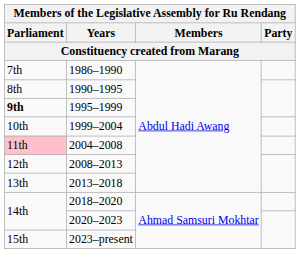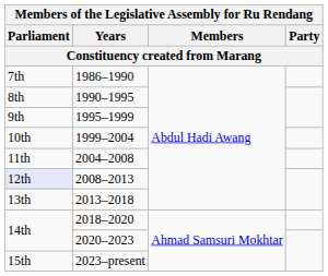 <table class="wikitable">
 <tr>
 <th colspan="4">Members of the Legislative Assembly for Ru Rendang</th>
 </tr>
 <tr>
 <th>Parliament</th>
 <th>Years</th>
 <th>Members</th>
 <th>Party</th>
 </tr>
 <tr>
 <th colspan="4">Constituency created from Marang</th>
 </tr>
 <tr>
 <td>7th</td>
 <td>1986–1990</td>
 <td rowspan="7"><a href='#'>Abdul Hadi Awang</a></td>
 <td></td>
 </tr>
 <tr>
 <td>8th</td>
 <td>1990–1995</td>
 <td rowspan=2></td>
 </tr>
 <tr>
-<td><strong>9th</strong></td>
+<td>9th</td>
 <td>1995–1999</td>
 </tr>
 <tr>
 <td>10th</td>
 <td>1999–2004</td>
 <td></td>
 </tr>
 <tr>
-<td style="background: pink;">11th</td>
+<td>11th</td>
 <td>2004–2008</td>
 <td></td>
 </tr>
 <tr>
-<td>12th</td>
+<td style="background: lavender;">12th</td>
 <td>2008–2013</td>
 <td rowspan=2></td>
 </tr>
 <tr>
 <td>13th</td>
 <td>2013–2018</td>
 </tr>
 <tr>
 <td rowspan="2">14th</td>
 <td>2018–2020</td>
 <td rowspan="3"><a href='#'>Ahmad Samsuri Mokhtar</a></td>
 <td></td>
 </tr>
 <tr>
 <td>2020–2023</td>
 <td rowspan=2></td>
 </tr>
 <tr>
 <td>15th</td>
 <td>2023–present</td>
 </tr>
 </table>
